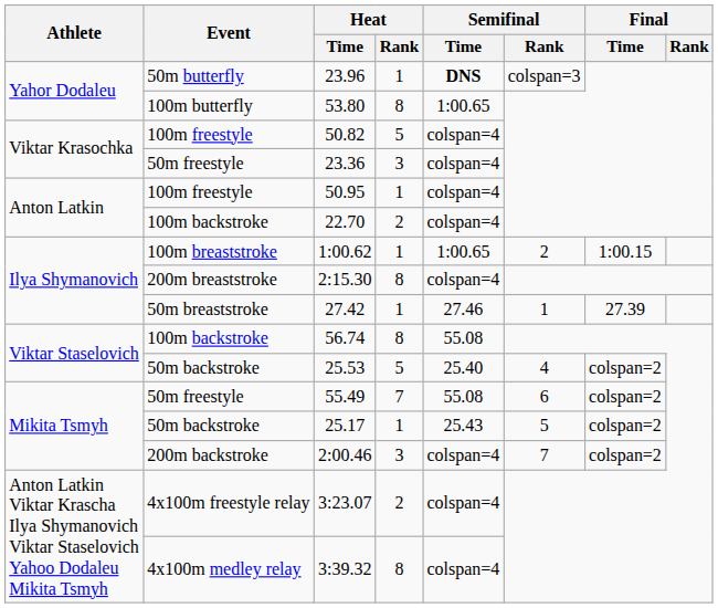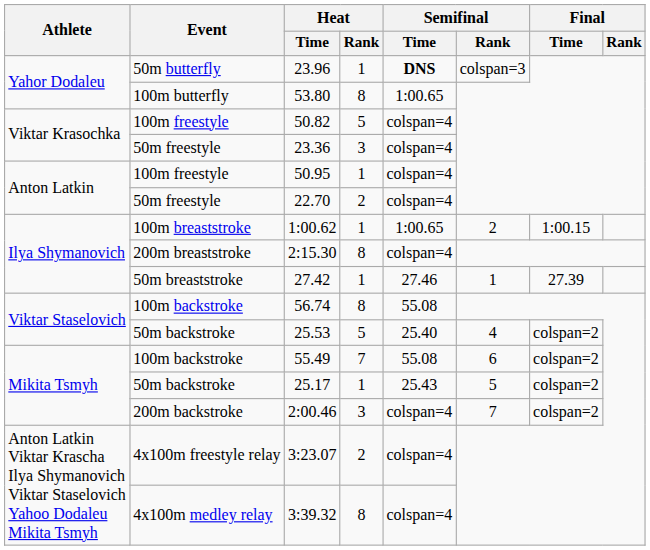 <table class=wikitable style="font-size:90%">
 <tr>
 <th rowspan="2">Athlete</th>
 <th rowspan="2">Event</th>
 <th colspan="2">Heat</th>
 <th colspan="2">Semifinal</th>
 <th colspan="2">Final</th>
 </tr>
 <tr style="font-size:95%">
 <th>Time</th>
 <th>Rank</th>
 <th>Time</th>
 <th>Rank</th>
 <th>Time</th>
 <th>Rank</th>
 </tr>
 <tr align=center>
 <td align=left rowspan=2><a href='#'>Yahor Dodaleu</a></td>
 <td align=left>50m <a href='#'>butterfly</a></td>
 <td>23.96</td>
 <td>1</td>
 <td><strong>DNS</strong></td>
 <td>colspan=3</td>
 </tr>
 <tr align=center>
 <td align=left>100m butterfly</td>
 <td>53.80</td>
 <td>8</td>
 <td>1:00.65</td>
 </tr>
 <tr align=center>
 <td align=left rowspan=2>Viktar Krasochka</td>
 <td align=left>100m <a href='#'>freestyle</a></td>
 <td>50.82</td>
 <td>5</td>
 <td>colspan=4</td>
 </tr>
 <tr align=center>
 <td align=left>50m freestyle</td>
 <td>23.36</td>
 <td>3</td>
 <td>colspan=4</td>
 </tr>
 <tr align=center>
 <td align=left rowspan=2>Anton Latkin</td>
 <td align=left>100m freestyle</td>
 <td>50.95</td>
 <td>1</td>
 <td>colspan=4</td>
 </tr>
 <tr align=center>
-<td align=left>100m backstroke</td>
+<td align=left>50m freestyle</td>
 <td>22.70</td>
 <td>2</td>
 <td>colspan=4</td>
 </tr>
 <tr align=center>
 <td align=left rowspan=3><a href='#'>Ilya Shymanovich</a></td>
 <td align=left>100m <a href='#'>breaststroke</a></td>
 <td>1:00.62</td>
 <td>1</td>
 <td>1:00.65</td>
 <td>2</td>
 <td>1:00.15</td>
 <td></td>
 </tr>
 <tr align=center>
 <td align=left>200m breaststroke</td>
 <td>2:15.30</td>
 <td>8</td>
 <td>colspan=4</td>
 </tr>
 <tr align=center>
 <td align=left>50m breaststroke</td>
 <td>27.42</td>
 <td>1</td>
 <td>27.46</td>
 <td>1</td>
 <td>27.39</td>
 <td></td>
 </tr>
 <tr align=center>
 <td align=left rowspan=2><a href='#'>Viktar Staselovich</a></td>
 <td align=left>100m <a href='#'>backstroke</a></td>
 <td>56.74</td>
 <td>8</td>
 <td>55.08</td>
 </tr>
 <tr align=center>
 <td align=left>50m backstroke</td>
 <td>25.53</td>
 <td>5</td>
 <td>25.40</td>
 <td>4</td>
 <td>colspan=2</td>
 </tr>
 <tr align=center>
 <td align=left rowspan=3><a href='#'>Mikita Tsmyh</a></td>
-<td align=left>50m freestyle</td>
+<td align=left>100m backstroke</td>
 <td>55.49</td>
 <td>7</td>
 <td>55.08</td>
 <td>6</td>
 <td>colspan=2</td>
 </tr>
 <tr align=center>
 <td align=left>50m backstroke</td>
 <td>25.17</td>
 <td>1</td>
 <td>25.43</td>
 <td>5</td>
 <td>colspan=2</td>
 </tr>
 <tr align=center>
 <td align=left>200m backstroke</td>
 <td>2:00.46</td>
 <td>3</td>
 <td>colspan=4</td>
 <td>7</td>
 <td>colspan=2</td>
 </tr>
 <tr align=center>
 <td align=left rowspan=2>Anton Latkin<br>Viktar Krascha<br>Ilya Shymanovich<br>Viktar Staselovich<br><a href='#'>Yahoo Dodaleu</a><br><a href='#'>Mikita Tsmyh</a></td>
 <td align=left>4x100m freestyle relay</td>
 <td>3:23.07</td>
 <td>2</td>
 <td>colspan=4 </td>
 </tr>
 <tr align=center>
 <td align=left>4x100m <a href='#'>medley relay</a></td>
 <td>3:39.32</td>
 <td>8</td>
 <td>colspan=4 </td>
 </tr>
 </table>
